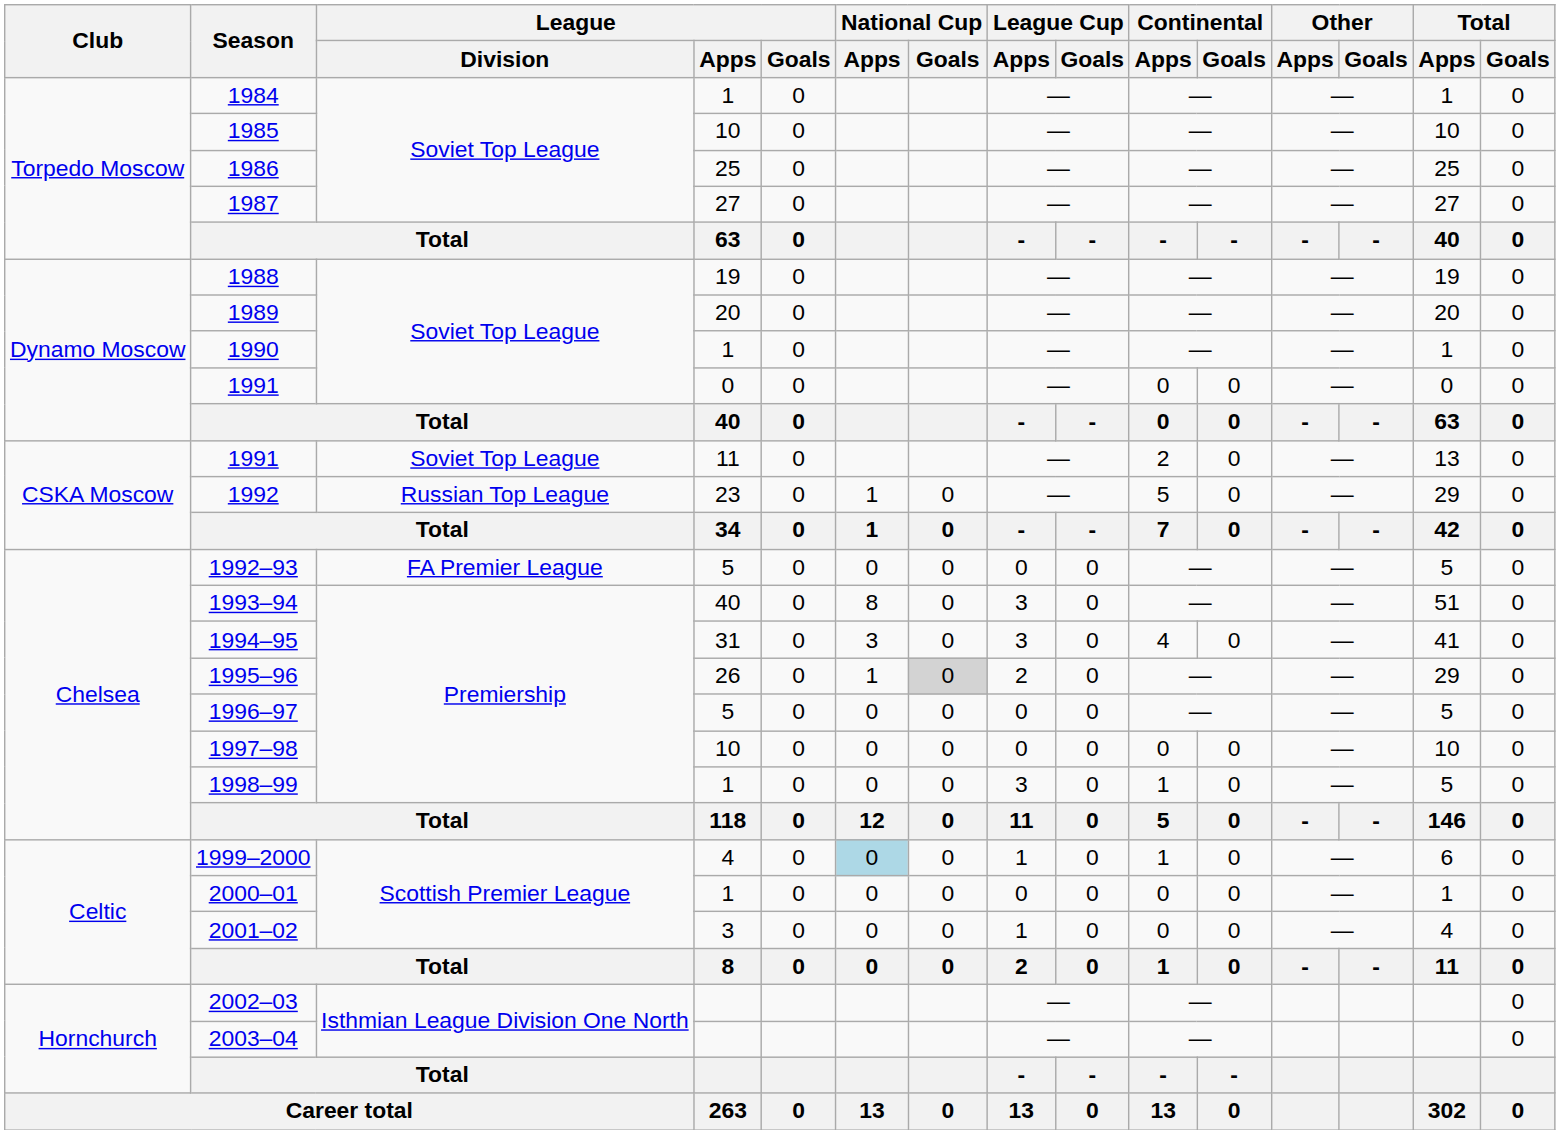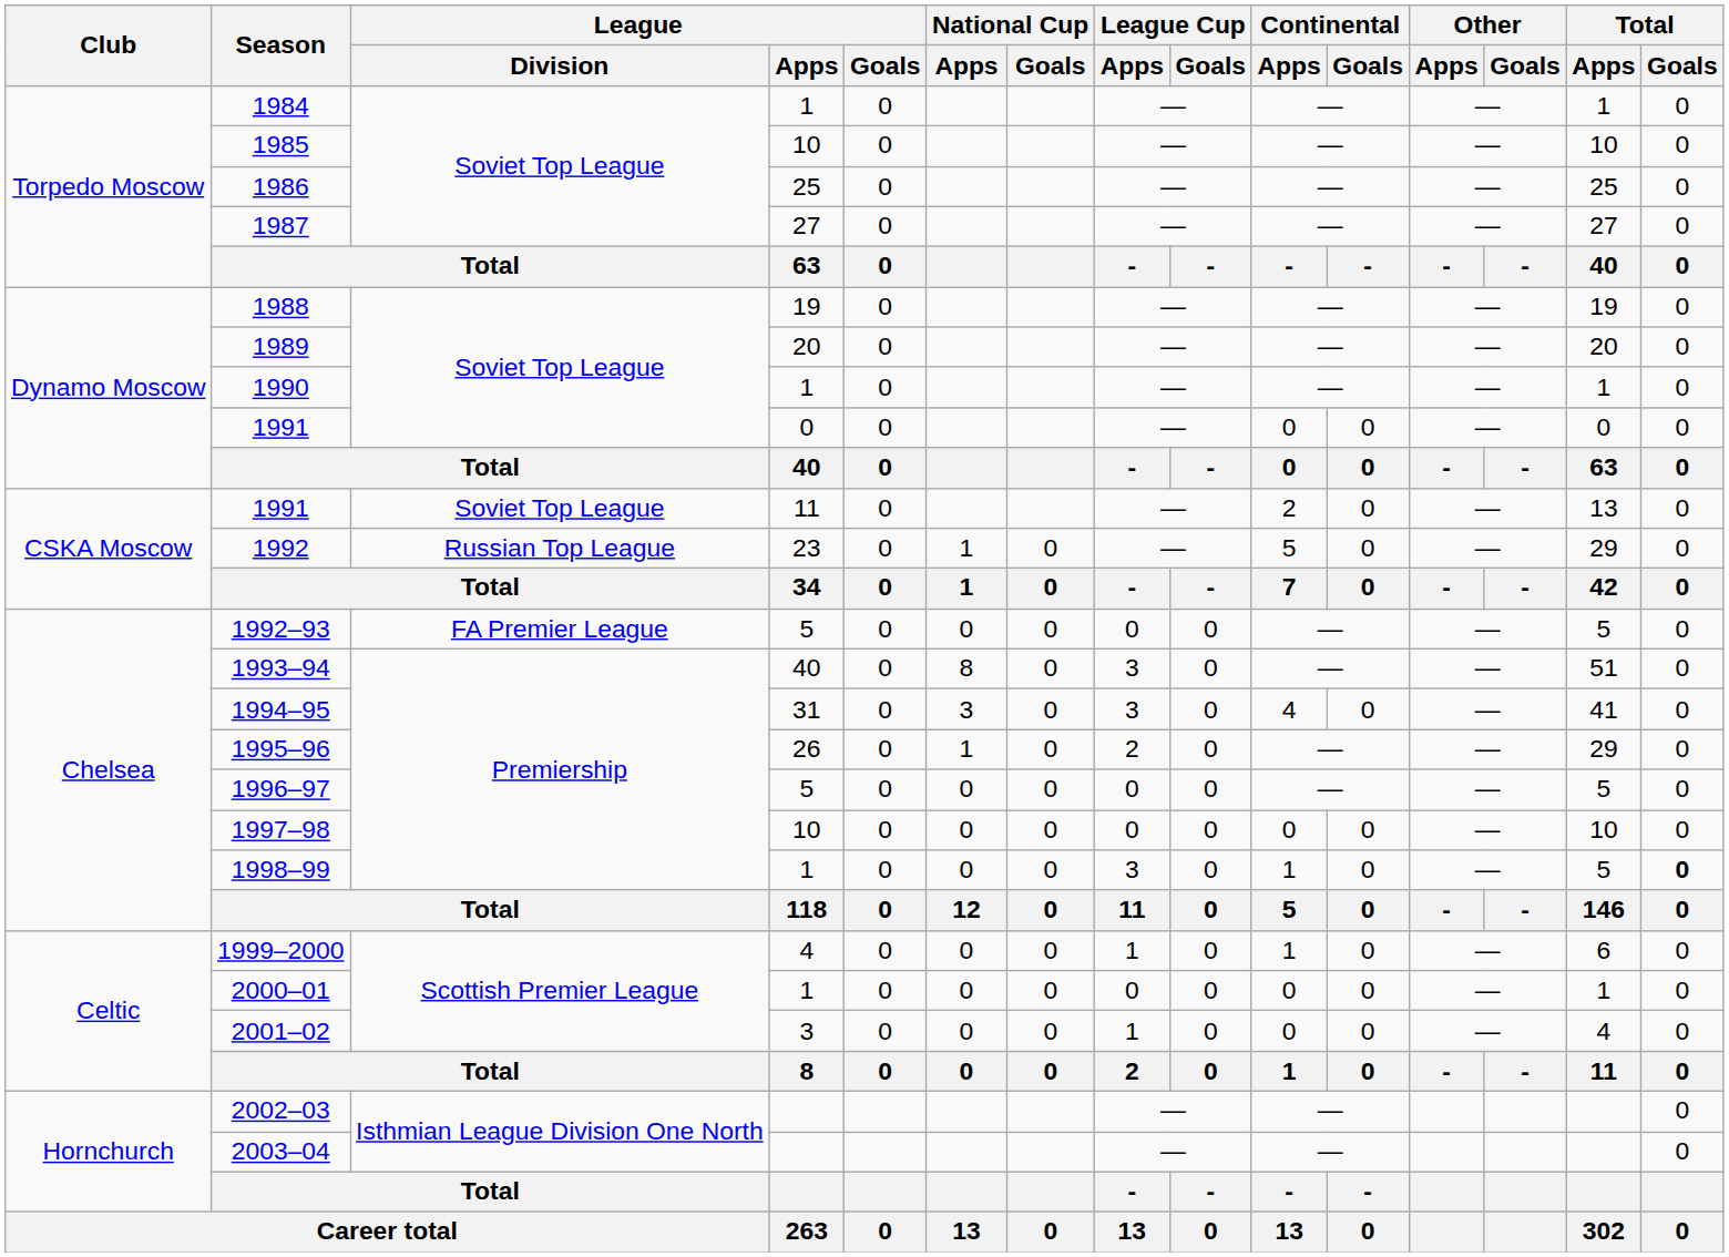 <table class="wikitable" style="text-align: center">
 <tr>
 <th rowspan="2">Club</th>
 <th rowspan="2">Season</th>
 <th colspan="3">League</th>
 <th colspan="2">National Cup</th>
 <th colspan="2">League Cup</th>
 <th colspan="2">Continental</th>
 <th colspan="2">Other</th>
 <th colspan="2">Total</th>
 </tr>
 <tr>
 <th>Division</th>
 <th>Apps</th>
 <th>Goals</th>
 <th>Apps</th>
 <th>Goals</th>
 <th>Apps</th>
 <th>Goals</th>
 <th>Apps</th>
 <th>Goals</th>
 <th>Apps</th>
 <th>Goals</th>
 <th>Apps</th>
 <th>Goals</th>
 </tr>
 <tr>
 <td rowspan="5"><a href='#'>Torpedo Moscow</a></td>
 <td><a href='#'>1984</a></td>
 <td rowspan="4"><a href='#'>Soviet Top League</a></td>
 <td>1</td>
 <td>0</td>
 <td></td>
 <td></td>
 <td colspan="2">—</td>
 <td colspan="2">—</td>
 <td colspan="2">—</td>
 <td>1</td>
 <td>0</td>
 </tr>
 <tr>
 <td><a href='#'>1985</a></td>
 <td>10</td>
 <td>0</td>
 <td></td>
 <td></td>
 <td colspan="2">—</td>
 <td colspan="2">—</td>
 <td colspan="2">—</td>
 <td>10</td>
 <td>0</td>
 </tr>
 <tr>
 <td><a href='#'>1986</a></td>
 <td>25</td>
 <td>0</td>
 <td></td>
 <td></td>
 <td colspan="2">—</td>
 <td colspan="2">—</td>
 <td colspan="2">—</td>
 <td>25</td>
 <td>0</td>
 </tr>
 <tr>
 <td><a href='#'>1987</a></td>
 <td>27</td>
 <td>0</td>
 <td></td>
 <td></td>
 <td colspan="2">—</td>
 <td colspan="2">—</td>
 <td colspan="2">—</td>
 <td>27</td>
 <td>0</td>
 </tr>
 <tr>
 <th colspan="2">Total</th>
 <th>63</th>
 <th>0</th>
 <th></th>
 <th></th>
 <th>-</th>
 <th>-</th>
 <th>-</th>
 <th>-</th>
 <th>-</th>
 <th>-</th>
 <th>40</th>
 <th>0</th>
 </tr>
 <tr>
 <td rowspan="5"><a href='#'>Dynamo Moscow</a></td>
 <td><a href='#'>1988</a></td>
 <td rowspan="4"><a href='#'>Soviet Top League</a></td>
 <td>19</td>
 <td>0</td>
 <td></td>
 <td></td>
 <td colspan="2">—</td>
 <td colspan="2">—</td>
 <td colspan="2">—</td>
 <td>19</td>
 <td>0</td>
 </tr>
 <tr>
 <td><a href='#'>1989</a></td>
 <td>20</td>
 <td>0</td>
 <td></td>
 <td></td>
 <td colspan="2">—</td>
 <td colspan="2">—</td>
 <td colspan="2">—</td>
 <td>20</td>
 <td>0</td>
 </tr>
 <tr>
 <td><a href='#'>1990</a></td>
 <td>1</td>
 <td>0</td>
 <td></td>
 <td></td>
 <td colspan="2">—</td>
 <td colspan="2">—</td>
 <td colspan="2">—</td>
 <td>1</td>
 <td>0</td>
 </tr>
 <tr>
 <td><a href='#'>1991</a></td>
 <td>0</td>
 <td>0</td>
 <td></td>
 <td></td>
 <td colspan="2">—</td>
 <td>0</td>
 <td>0</td>
 <td colspan="2">—</td>
 <td>0</td>
 <td>0</td>
 </tr>
 <tr>
 <th colspan="2">Total</th>
 <th>40</th>
 <th>0</th>
 <th></th>
 <th></th>
 <th>-</th>
 <th>-</th>
 <th>0</th>
 <th>0</th>
 <th>-</th>
 <th>-</th>
 <th>63</th>
 <th>0</th>
 </tr>
 <tr>
 <td rowspan="3"><a href='#'>CSKA Moscow</a></td>
 <td><a href='#'>1991</a></td>
 <td><a href='#'>Soviet Top League</a></td>
 <td>11</td>
 <td>0</td>
 <td></td>
 <td></td>
 <td colspan="2">—</td>
 <td>2</td>
 <td>0</td>
 <td colspan="2">—</td>
 <td>13</td>
 <td>0</td>
 </tr>
 <tr>
 <td><a href='#'>1992</a></td>
 <td><a href='#'>Russian Top League</a></td>
 <td>23</td>
 <td>0</td>
 <td>1</td>
 <td>0</td>
 <td colspan="2">—</td>
 <td>5</td>
 <td>0</td>
 <td colspan="2">—</td>
 <td>29</td>
 <td>0</td>
 </tr>
 <tr>
 <th colspan="2">Total</th>
 <th>34</th>
 <th>0</th>
 <th>1</th>
 <th>0</th>
 <th>-</th>
 <th>-</th>
 <th>7</th>
 <th>0</th>
 <th>-</th>
 <th>-</th>
 <th>42</th>
 <th>0</th>
 </tr>
 <tr>
 <td rowspan="8"><a href='#'>Chelsea</a></td>
 <td><a href='#'>1992–93</a></td>
 <td><a href='#'>FA Premier League</a></td>
 <td>5</td>
 <td>0</td>
 <td>0</td>
 <td>0</td>
 <td>0</td>
 <td>0</td>
 <td colspan="2">—</td>
 <td colspan="2">—</td>
 <td>5</td>
 <td>0</td>
 </tr>
 <tr>
 <td><a href='#'>1993–94</a></td>
 <td rowspan="6"><a href='#'>Premiership</a></td>
 <td>40</td>
 <td>0</td>
 <td>8</td>
 <td>0</td>
 <td>3</td>
 <td>0</td>
 <td colspan="2">—</td>
 <td colspan="2">—</td>
 <td>51</td>
 <td>0</td>
 </tr>
 <tr>
 <td><a href='#'>1994–95</a></td>
 <td>31</td>
 <td>0</td>
 <td>3</td>
 <td>0</td>
 <td>3</td>
 <td>0</td>
 <td>4</td>
 <td>0</td>
 <td colspan="2">—</td>
 <td>41</td>
 <td>0</td>
 </tr>
 <tr>
 <td><a href='#'>1995–96</a></td>
 <td>26</td>
 <td>0</td>
 <td>1</td>
-<td style="background: lightgrey;">0</td>
+<td>0</td>
 <td>2</td>
 <td>0</td>
 <td colspan="2">—</td>
 <td colspan="2">—</td>
 <td>29</td>
 <td>0</td>
 </tr>
 <tr>
 <td><a href='#'>1996–97</a></td>
 <td>5</td>
 <td>0</td>
 <td>0</td>
 <td>0</td>
 <td>0</td>
 <td>0</td>
 <td colspan="2">—</td>
 <td colspan="2">—</td>
 <td>5</td>
 <td>0</td>
 </tr>
 <tr>
 <td><a href='#'>1997–98</a></td>
 <td>10</td>
 <td>0</td>
 <td>0</td>
 <td>0</td>
 <td>0</td>
 <td>0</td>
 <td>0</td>
 <td>0</td>
 <td colspan="2">—</td>
 <td>10</td>
 <td>0</td>
 </tr>
 <tr>
 <td><a href='#'>1998–99</a></td>
 <td>1</td>
 <td>0</td>
 <td>0</td>
 <td>0</td>
 <td>3</td>
 <td>0</td>
 <td>1</td>
 <td>0</td>
 <td colspan="2">—</td>
 <td>5</td>
-<td>0</td>
+<td><strong>0</strong></td>
 </tr>
 <tr>
 <th colspan="2">Total</th>
 <th>118</th>
 <th>0</th>
 <th>12</th>
 <th>0</th>
 <th>11</th>
 <th>0</th>
 <th>5</th>
 <th>0</th>
 <th>-</th>
 <th>-</th>
 <th>146</th>
 <th>0</th>
 </tr>
 <tr>
 <td rowspan="4"><a href='#'>Celtic</a></td>
 <td><a href='#'>1999–2000</a></td>
 <td rowspan="3"><a href='#'>Scottish Premier League</a></td>
 <td>4</td>
 <td>0</td>
-<td style="background: lightblue;">0</td>
+<td>0</td>
 <td>0</td>
 <td>1</td>
 <td>0</td>
 <td>1</td>
 <td>0</td>
 <td colspan="2">—</td>
 <td>6</td>
 <td>0</td>
 </tr>
 <tr>
 <td><a href='#'>2000–01</a></td>
 <td>1</td>
 <td>0</td>
 <td>0</td>
 <td>0</td>
 <td>0</td>
 <td>0</td>
 <td>0</td>
 <td>0</td>
 <td colspan="2">—</td>
 <td>1</td>
 <td>0</td>
 </tr>
 <tr>
 <td><a href='#'>2001–02</a></td>
 <td>3</td>
 <td>0</td>
 <td>0</td>
 <td>0</td>
 <td>1</td>
 <td>0</td>
 <td>0</td>
 <td>0</td>
 <td colspan="2">—</td>
 <td>4</td>
 <td>0</td>
 </tr>
 <tr>
 <th colspan="2">Total</th>
 <th>8</th>
 <th>0</th>
 <th>0</th>
 <th>0</th>
 <th>2</th>
 <th>0</th>
 <th>1</th>
 <th>0</th>
 <th>-</th>
 <th>-</th>
 <th>11</th>
 <th>0</th>
 </tr>
 <tr>
 <td rowspan="3"><a href='#'>Hornchurch</a></td>
 <td><a href='#'>2002–03</a></td>
 <td rowspan="2"><a href='#'>Isthmian League Division One North</a></td>
 <td></td>
 <td></td>
 <td></td>
 <td></td>
 <td colspan="2">—</td>
 <td colspan="2">—</td>
 <td></td>
 <td></td>
 <td></td>
 <td>0</td>
 </tr>
 <tr>
 <td><a href='#'>2003–04</a></td>
 <td></td>
 <td></td>
 <td></td>
 <td></td>
 <td colspan="2">—</td>
 <td colspan="2">—</td>
 <td></td>
 <td></td>
 <td></td>
 <td>0</td>
 </tr>
 <tr>
 <th colspan="2">Total</th>
 <th></th>
 <th></th>
 <th></th>
 <th></th>
 <th>-</th>
 <th>-</th>
 <th>-</th>
 <th>-</th>
 <th></th>
 <th></th>
 <th></th>
 <th></th>
 </tr>
 <tr>
 <th colspan="3">Career total</th>
 <th>263</th>
 <th>0</th>
 <th>13</th>
 <th>0</th>
 <th>13</th>
 <th>0</th>
 <th>13</th>
 <th>0</th>
 <th></th>
 <th></th>
 <th>302</th>
 <th>0</th>
 </tr>
 </table>
